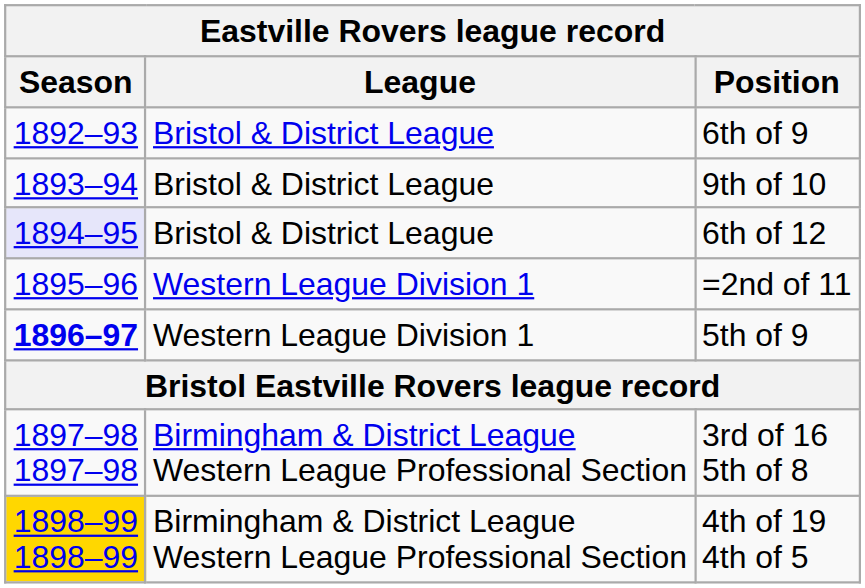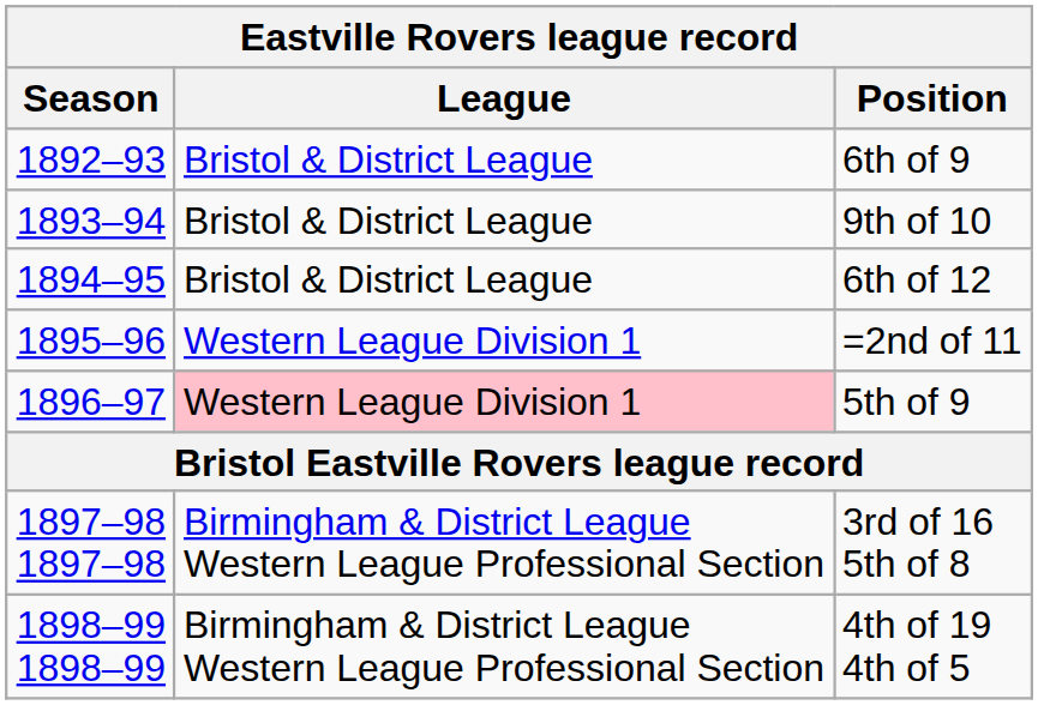 <table class="wikitable" style="float:right; font-size: 90%; text-align: left;">
 <tr>
 <th colspan=3>Eastville Rovers league record</th>
 </tr>
 <tr>
 <th>Season</th>
 <th>League</th>
 <th>Position</th>
 </tr>
 <tr>
 <td><a href='#'>1892–93</a></td>
 <td><a href='#'>Bristol & District League</a></td>
 <td>6th of 9</td>
 </tr>
 <tr>
 <td><a href='#'>1893–94</a></td>
 <td>Bristol & District League</td>
 <td>9th of 10</td>
 </tr>
 <tr>
-<td style="background: lavender;"><a href='#'>1894–95</a></td>
+<td><a href='#'>1894–95</a></td>
 <td>Bristol & District League</td>
 <td>6th of 12</td>
 </tr>
 <tr>
 <td><a href='#'>1895–96</a></td>
 <td><a href='#'>Western League Division 1</a></td>
 <td>=2nd of 11</td>
 </tr>
 <tr>
-<td><strong><a href='#'>1896–97</a></strong></td>
-<td>Western League Division 1</td>
+<td><a href='#'>1896–97</a></td>
+<td style="background: pink;">Western League Division 1</td>
 <td>5th of 9</td>
 </tr>
 <tr>
 <th colspan=3>Bristol Eastville Rovers league record</th>
 </tr>
 <tr>
 <td><a href='#'>1897–98</a><br><a href='#'>1897–98</a></td>
 <td><a href='#'>Birmingham & District League</a><br>Western League Professional Section</td>
 <td>3rd of 16<br>5th of 8</td>
 </tr>
 <tr>
-<td style="background: gold;"><a href='#'>1898–99</a><br><a href='#'>1898–99</a></td>
+<td><a href='#'>1898–99</a><br><a href='#'>1898–99</a></td>
 <td>Birmingham & District League<br>Western League Professional Section</td>
 <td>4th of 19<br>4th of 5</td>
 </tr>
 </table>
